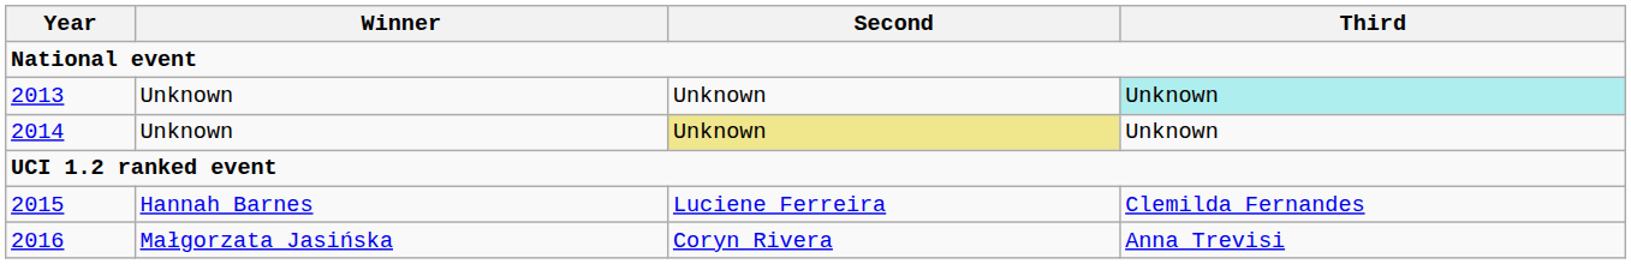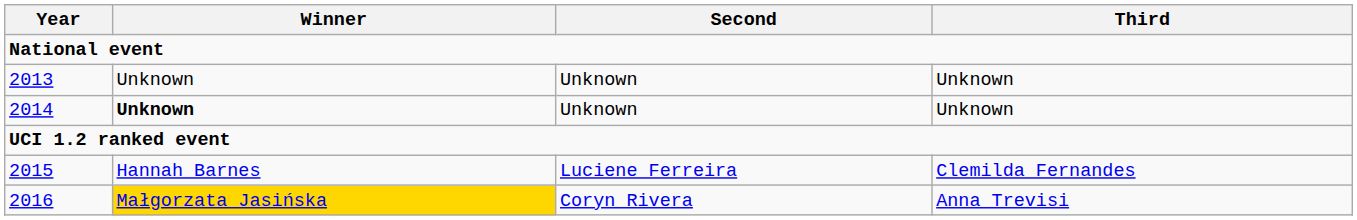 <table class="wikitable" style="font-size:100%" width=60%>
 <tr>
 <th>Year</th>
 <th>Winner</th>
 <th>Second</th>
 <th>Third</th>
 </tr>
 <tr>
 <td colspan=4><strong>National event</strong></td>
 </tr>
 <tr>
 <td><a href='#'>2013</a></td>
 <td>Unknown</td>
 <td>Unknown</td>
-<td style="background: paleturquoise;">Unknown</td>
+<td>Unknown</td>
 </tr>
 <tr>
 <td><a href='#'>2014</a></td>
+<td><strong>Unknown</strong></td>
 <td>Unknown</td>
-<td style="background: khaki;">Unknown</td>
 <td>Unknown</td>
 </tr>
 <tr>
 <td colspan=4><strong>UCI 1.2 ranked event</strong></td>
 </tr>
 <tr>
 <td><a href='#'>2015</a></td>
 <td> <a href='#'>Hannah Barnes</a></td>
 <td> <a href='#'>Luciene Ferreira</a></td>
 <td> <a href='#'>Clemilda Fernandes</a></td>
 </tr>
 <tr>
 <td><a href='#'>2016</a></td>
-<td> <a href='#'>Małgorzata Jasińska</a></td>
+<td style="background: gold;"> <a href='#'>Małgorzata Jasińska</a></td>
 <td> <a href='#'>Coryn Rivera</a></td>
 <td> <a href='#'>Anna Trevisi</a></td>
 </tr>
 </table>
